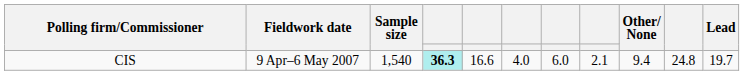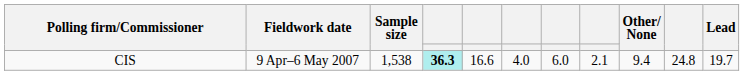 <table class="wikitable collapsible collapsed" style="text-align:center; font-size:90%; line-height:14px;">
 <tr style="height:42px;">
 <th style="width:250px;" rowspan="2">Polling firm/Commissioner</th>
 <th style="width:125px;" rowspan="2">Fieldwork date</th>
 <th style="width:50px;" rowspan="2">Sample size</th>
 <th style="width:35px;"></th>
 <th style="width:35px;"></th>
 <th style="width:35px;"></th>
 <th style="width:35px;"></th>
 <th style="width:35px;"></th>
 <th style="width:35px;" rowspan="2">Other/<br>None</th>
 <th style="width:35px;" rowspan="2"></th>
 <th style="width:30px;" rowspan="2">Lead</th>
 </tr>
 <tr>
 <th style="color:inherit;background:"></th>
 <th style="color:inherit;background:"></th>
 <th style="color:inherit;background:"></th>
 <th style="color:inherit;background:"></th>
 <th style="color:inherit;background:"></th>
 </tr>
 <tr>
 <td>CIS</td>
 <td>9 Apr–6 May 2007</td>
-<td>1,540</td>
+<td>1,538</td>
 <td style="background: paleturquoise;"><strong>36.3</strong></td>
 <td>16.6</td>
 <td>4.0</td>
 <td>6.0</td>
 <td>2.1</td>
 <td>9.4</td>
 <td>24.8</td>
 <td style="background:">19.7</td>
 </tr>
 </table>
